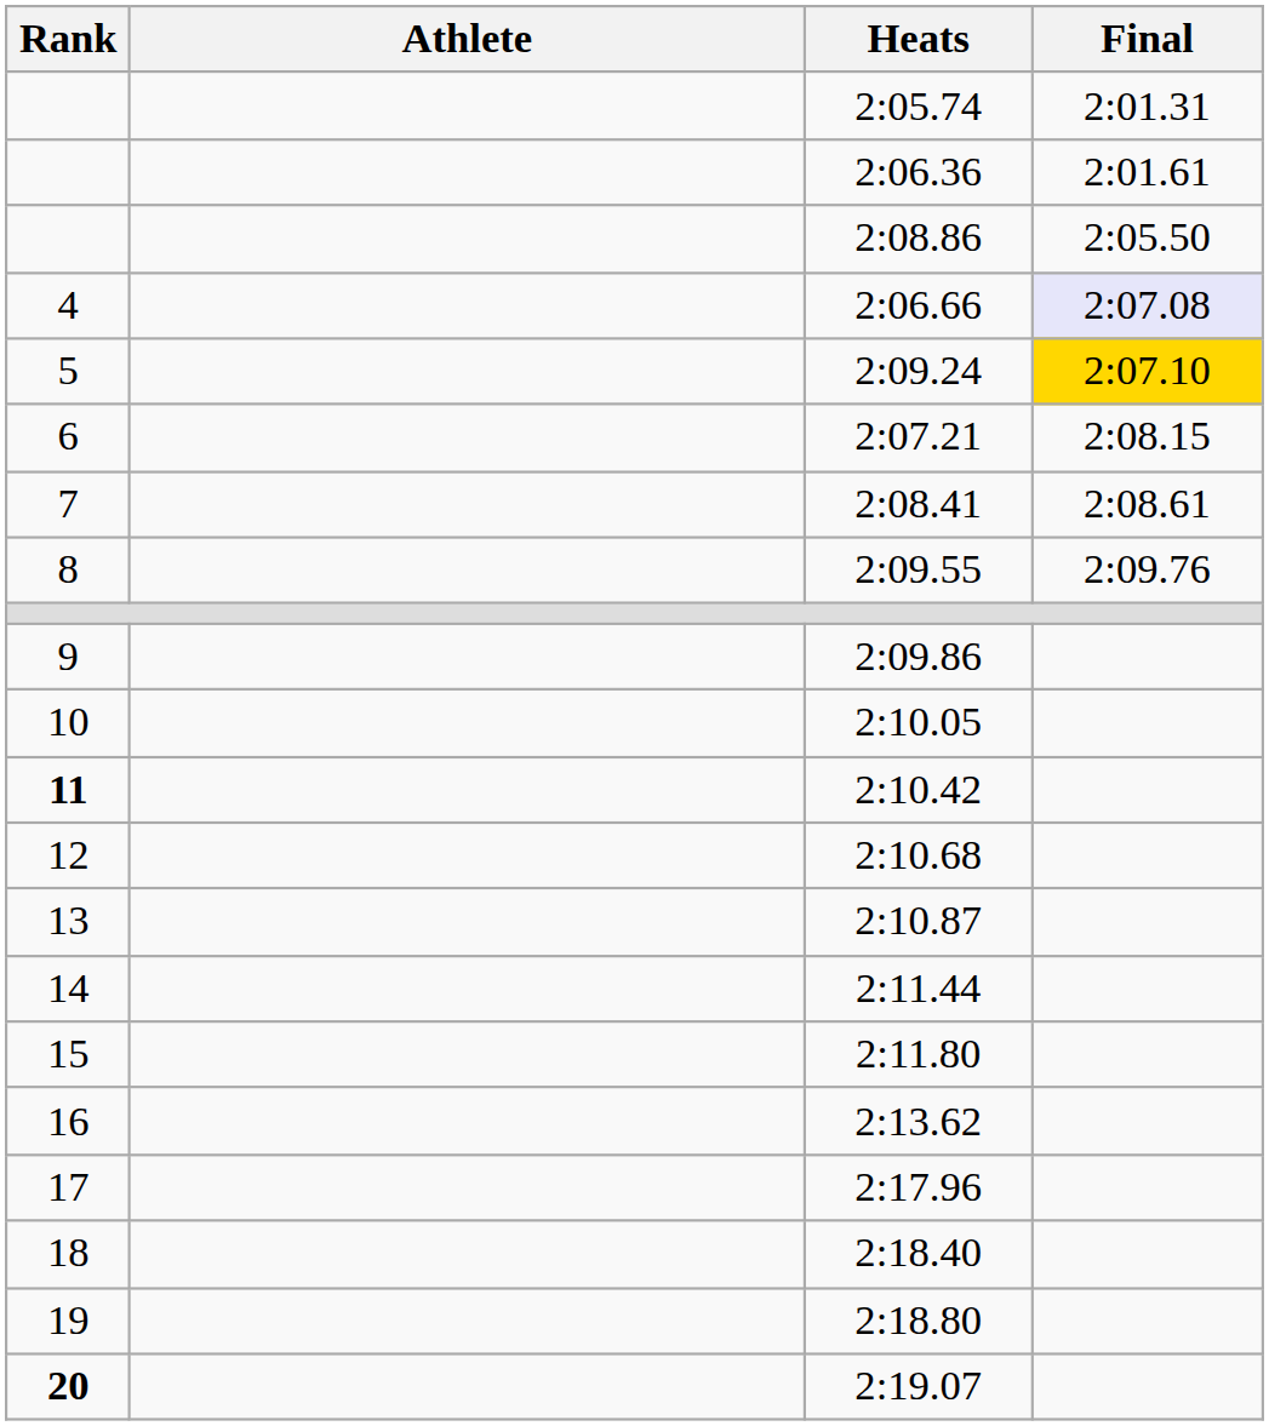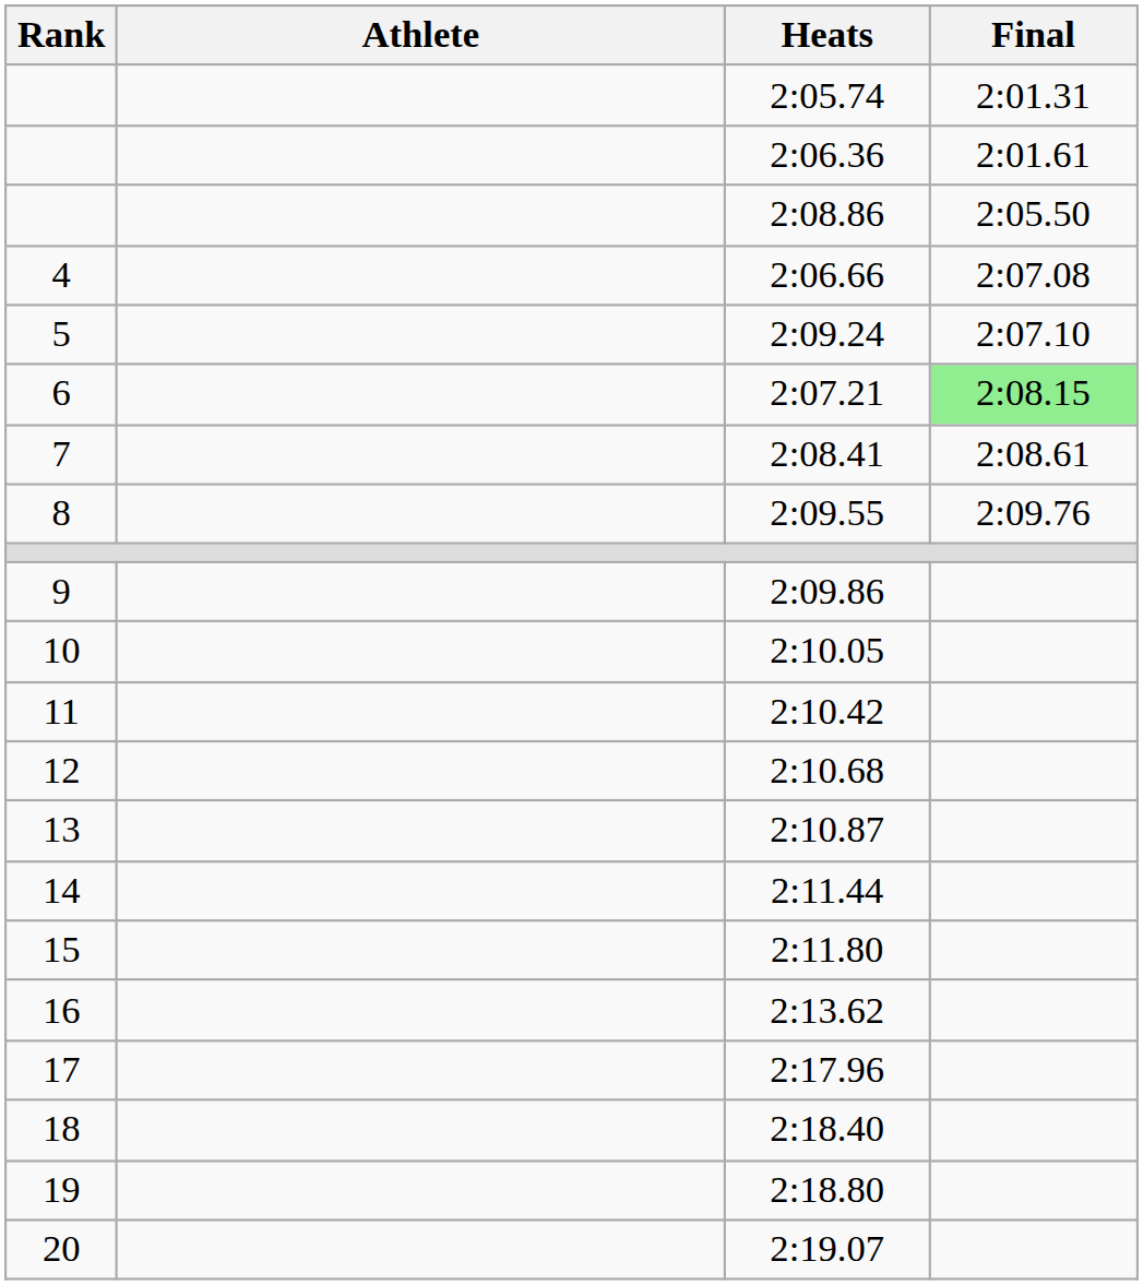 <table class=wikitable style="text-align:center">
 <tr>
 <th width=40>Rank</th>
 <th width=250>Athlete</th>
 <th width=80>Heats</th>
 <th width=80>Final</th>
 </tr>
 <tr>
 <td></td>
 <td align=left></td>
 <td>2:05.74</td>
 <td>2:01.31</td>
 </tr>
 <tr>
 <td></td>
 <td align=left></td>
 <td>2:06.36</td>
 <td>2:01.61</td>
 </tr>
 <tr>
 <td></td>
 <td align=left></td>
 <td>2:08.86</td>
 <td>2:05.50</td>
 </tr>
 <tr>
 <td>4</td>
 <td align=left></td>
 <td>2:06.66</td>
-<td style="background: lavender;">2:07.08</td>
+<td>2:07.08</td>
 </tr>
 <tr>
 <td>5</td>
 <td align=left></td>
 <td>2:09.24</td>
-<td style="background: gold;">2:07.10</td>
+<td>2:07.10</td>
 </tr>
 <tr>
 <td>6</td>
 <td align=left></td>
 <td>2:07.21</td>
-<td>2:08.15</td>
+<td style="background: lightgreen;">2:08.15</td>
 </tr>
 <tr>
 <td>7</td>
 <td align=left></td>
 <td>2:08.41</td>
 <td>2:08.61</td>
 </tr>
 <tr>
 <td>8</td>
 <td align=left></td>
 <td>2:09.55</td>
 <td>2:09.76</td>
 </tr>
 <tr bgcolor=#DDDDDD>
 <td colspan=4></td>
 </tr>
 <tr>
 <td>9</td>
 <td align=left></td>
 <td>2:09.86</td>
 <td></td>
 </tr>
 <tr>
 <td>10</td>
 <td align=left></td>
 <td>2:10.05</td>
 <td></td>
 </tr>
 <tr>
-<td><strong>11</strong></td>
+<td>11</td>
 <td align=left></td>
 <td>2:10.42</td>
 <td></td>
 </tr>
 <tr>
 <td>12</td>
 <td align=left></td>
 <td>2:10.68</td>
 <td></td>
 </tr>
 <tr>
 <td>13</td>
 <td align=left></td>
 <td>2:10.87</td>
 <td></td>
 </tr>
 <tr>
 <td>14</td>
 <td align=left></td>
 <td>2:11.44</td>
 <td></td>
 </tr>
 <tr>
 <td>15</td>
 <td align=left></td>
 <td>2:11.80</td>
 <td></td>
 </tr>
 <tr>
 <td>16</td>
 <td align=left></td>
 <td>2:13.62</td>
 <td></td>
 </tr>
 <tr>
 <td>17</td>
 <td align=left></td>
 <td>2:17.96</td>
 <td></td>
 </tr>
 <tr>
 <td>18</td>
 <td align=left></td>
 <td>2:18.40</td>
 <td></td>
 </tr>
 <tr>
 <td>19</td>
 <td align=left></td>
 <td>2:18.80</td>
 <td></td>
 </tr>
 <tr>
-<td><strong>20</strong></td>
+<td>20</td>
 <td align=left></td>
 <td>2:19.07</td>
 <td></td>
 </tr>
 </table>
